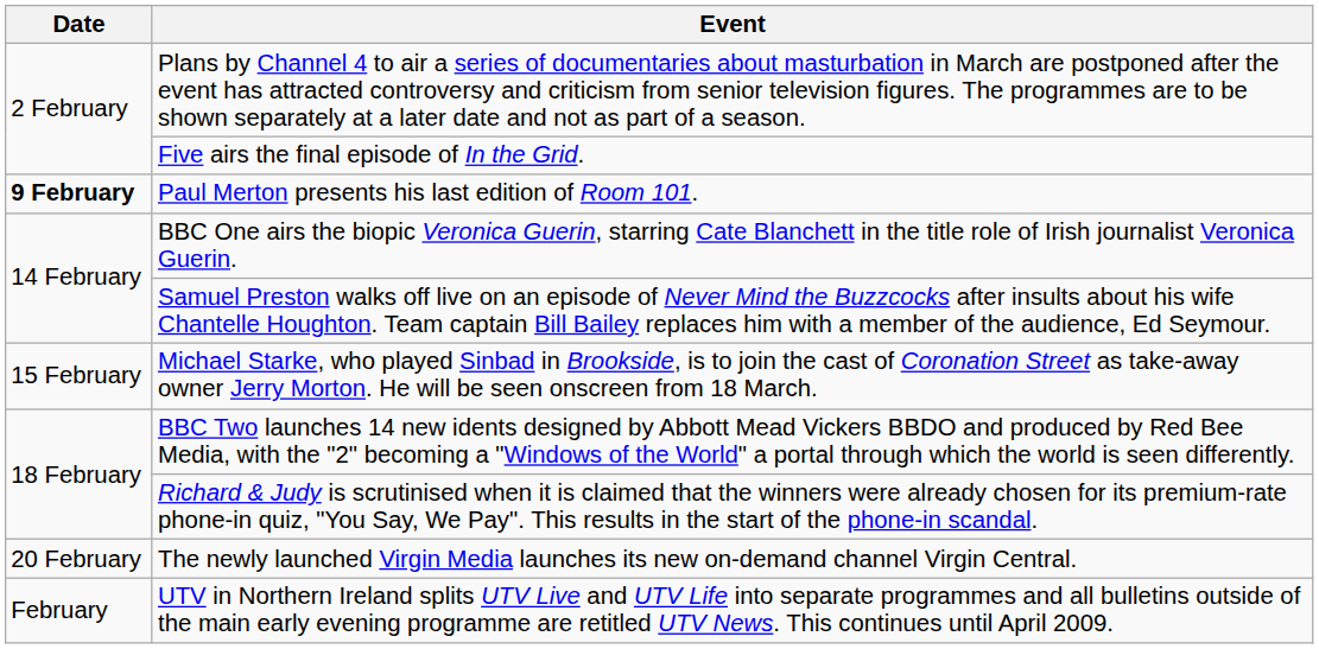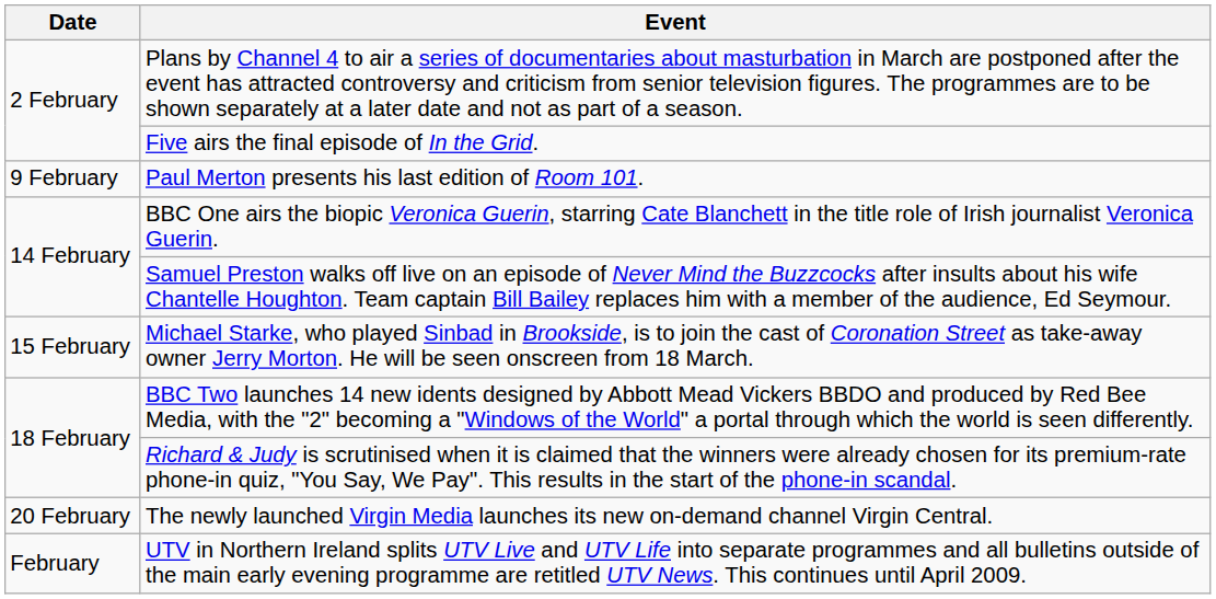 <table class="wikitable">
 <tr>
 <th width=90>Date</th>
 <th>Event</th>
 </tr>
 <tr>
 <td rowspan=2>2 February</td>
 <td>Plans by <a href='#'>Channel 4</a> to air a <a href='#'>series of documentaries about masturbation</a> in March are postponed after the event has attracted controversy and criticism from senior television figures. The programmes are to be shown separately at a later date and not as part of a season.</td>
 </tr>
 <tr>
 <td><a href='#'>Five</a> airs the final episode of <em><a href='#'>In the Grid</a></em>.</td>
 </tr>
 <tr>
-<td><strong>9 February</strong></td>
+<td>9 February</td>
 <td><a href='#'>Paul Merton</a> presents his last edition of <em><a href='#'>Room 101</a></em>.</td>
 </tr>
 <tr>
 <td rowspan=2>14 February</td>
 <td>BBC One airs the biopic <em><a href='#'>Veronica Guerin</a></em>, starring <a href='#'>Cate Blanchett</a> in the title role of Irish journalist <a href='#'>Veronica Guerin</a>.</td>
 </tr>
 <tr>
 <td><a href='#'>Samuel Preston</a> walks off live on an episode of <em><a href='#'>Never Mind the Buzzcocks</a></em> after insults about his wife <a href='#'>Chantelle Houghton</a>. Team captain <a href='#'>Bill Bailey</a> replaces him with a member of the audience, Ed Seymour.</td>
 </tr>
 <tr>
 <td>15 February</td>
 <td><a href='#'>Michael Starke</a>, who played <a href='#'>Sinbad</a> in <em><a href='#'>Brookside</a></em>, is to join the cast of <em><a href='#'>Coronation Street</a></em> as take-away owner <a href='#'>Jerry Morton</a>. He will be seen onscreen from 18 March.</td>
 </tr>
 <tr>
 <td rowspan="2">18 February</td>
 <td><a href='#'>BBC Two</a> launches 14 new idents designed by Abbott Mead Vickers BBDO and produced by Red Bee Media, with the "2" becoming a "<a href='#'>Windows of the World</a>" a portal through which the world is seen differently.</td>
 </tr>
 <tr>
 <td><em><a href='#'>Richard & Judy</a></em> is scrutinised when it is claimed that the winners were already chosen for its premium-rate phone-in quiz, "You Say, We Pay". This results in the start of the <a href='#'>phone-in scandal</a>.</td>
 </tr>
 <tr>
 <td>20 February</td>
 <td>The newly launched <a href='#'>Virgin Media</a> launches its new on-demand channel Virgin Central.</td>
 </tr>
 <tr>
 <td>February</td>
 <td><a href='#'>UTV</a> in Northern Ireland splits <em><a href='#'>UTV Live</a></em> and <em><a href='#'>UTV Life</a></em> into separate programmes and all bulletins outside of the main early evening programme are retitled <em><a href='#'>UTV News</a></em>. This continues until April 2009.</td>
 </tr>
 </table>
